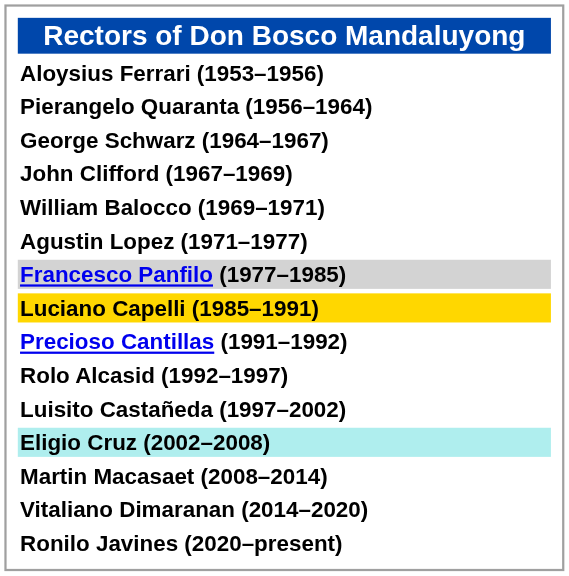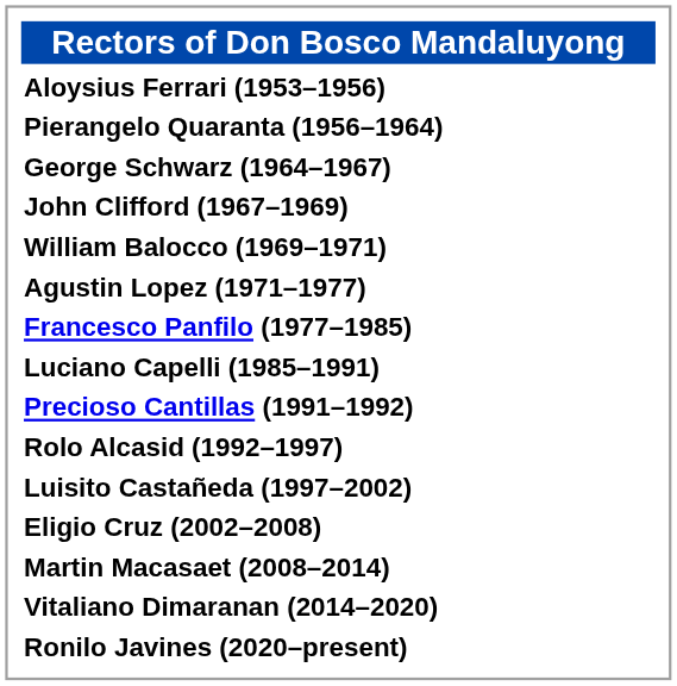 <table style="float:right; margin:1em; width:25em; border:1px solid #a0a0a0; padding:3px; font-weight:bold; font-size:x-small;">
 <tr>
 <th scope="col" style="text-align:center; font-size:125%; background-color:#0047AB; color:white;">Rectors of Don Bosco Mandaluyong</th>
 </tr>
 <tr>
 <td>Aloysius Ferrari (1953–1956)</td>
 </tr>
 <tr>
 <td>Pierangelo Quaranta (1956–1964)</td>
 </tr>
 <tr>
 <td>George Schwarz (1964–1967)</td>
 </tr>
 <tr>
 <td>John Clifford (1967–1969)</td>
 </tr>
 <tr>
 <td>William Balocco (1969–1971)</td>
 </tr>
 <tr>
 <td>Agustin Lopez (1971–1977)</td>
 </tr>
 <tr>
-<td style="background: lightgrey;"><a href='#'>Francesco Panfilo</a> (1977–1985)</td>
+<td><a href='#'>Francesco Panfilo</a> (1977–1985)</td>
 </tr>
 <tr>
-<td style="background: gold;">Luciano Capelli (1985–1991)</td>
+<td>Luciano Capelli (1985–1991)</td>
 </tr>
 <tr>
 <td><a href='#'>Precioso Cantillas</a> (1991–1992)</td>
 </tr>
 <tr>
 <td>Rolo Alcasid (1992–1997)</td>
 </tr>
 <tr>
 <td>Luisito Castañeda (1997–2002)</td>
 </tr>
 <tr>
-<td style="background: paleturquoise;">Eligio Cruz (2002–2008)</td>
+<td>Eligio Cruz (2002–2008)</td>
 </tr>
 <tr>
 <td>Martin Macasaet (2008–2014)</td>
 </tr>
 <tr>
 <td>Vitaliano Dimaranan (2014–2020)</td>
 </tr>
 <tr>
 <td>Ronilo Javines (2020–present)</td>
 </tr>
 </table>
